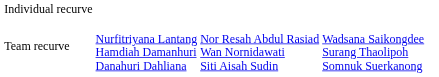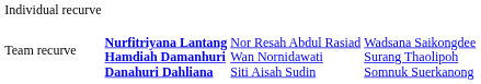 <table>
 <tr>
 <td>Individual recurve</td>
 <td></td>
 <td></td>
 <td></td>
 </tr>
 <tr>
 <td>Team recurve</td>
-<td><br><a href='#'>Nurfitriyana Lantang</a> <br> <a href='#'>Hamdiah Damanhuri</a> <br> <a href='#'>Danahuri Dahliana</a></td>
+<td><strong><br><a href='#'>Nurfitriyana Lantang</a> <br> <a href='#'>Hamdiah Damanhuri</a> <br> <a href='#'>Danahuri Dahliana</a></strong></td>
 <td><br><a href='#'>Nor Resah Abdul Rasiad</a> <br> <a href='#'>Wan Nornidawati</a> <br> <a href='#'>Siti Aisah Sudin</a></td>
 <td><br><a href='#'>Wadsana Saikongdee</a> <br> <a href='#'>Surang Thaolipoh</a> <br> <a href='#'>Somnuk Suerkanong</a></td>
 </tr>
 </table>
